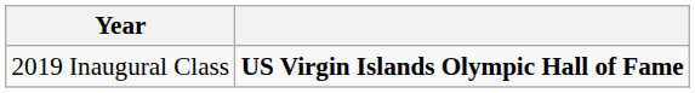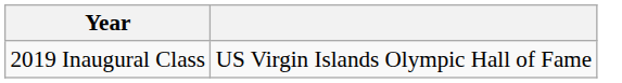 <table class="wikitable">
 <tr>
 <th>Year</th>
 <th></th>
 </tr>
 <tr>
 <td>2019 Inaugural Class</td>
-<td><strong>US Virgin Islands Olympic Hall of Fame</strong></td>
+<td>US Virgin Islands Olympic Hall of Fame</td>
 </tr>
 </table>
